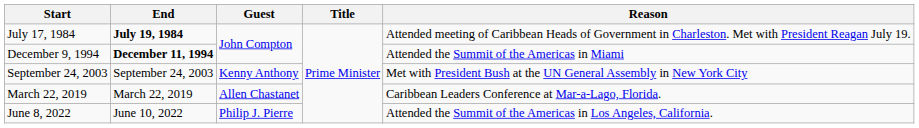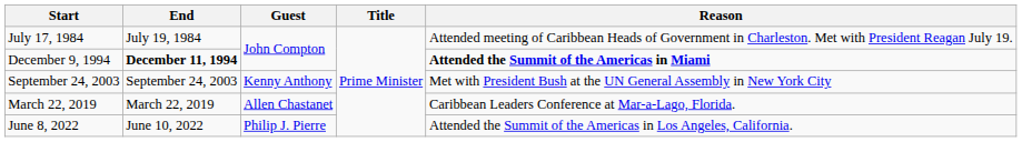 <table class="wikitable sortable">
 <tr>
 <th>Start</th>
 <th>End</th>
 <th>Guest</th>
 <th>Title</th>
 <th>Reason</th>
 </tr>
 <tr>
 <td>July 17, 1984</td>
-<td><strong>July 19, 1984</strong></td>
+<td>July 19, 1984</td>
 <td rowspan=2><a href='#'>John Compton</a></td>
 <td rowspan=5><a href='#'>Prime Minister</a></td>
 <td>Attended meeting of Caribbean Heads of Government in <a href='#'>Charleston</a>. Met with <a href='#'>President Reagan</a> July 19.</td>
 </tr>
 <tr>
 <td>December 9, 1994</td>
 <td><strong>December 11, 1994</strong></td>
-<td>Attended the <a href='#'>Summit of the Americas</a> in <a href='#'>Miami</a></td>
+<td><strong>Attended the <a href='#'>Summit of the Americas</a> in <a href='#'>Miami</a></strong></td>
 </tr>
 <tr>
 <td>September 24, 2003</td>
 <td>September 24, 2003</td>
 <td><a href='#'>Kenny Anthony</a></td>
 <td>Met with <a href='#'>President Bush</a> at the <a href='#'>UN General Assembly</a> in <a href='#'>New York City</a></td>
 </tr>
 <tr>
 <td>March 22, 2019</td>
 <td>March 22, 2019</td>
 <td><a href='#'>Allen Chastanet</a></td>
 <td>Caribbean Leaders Conference at <a href='#'>Mar-a-Lago, Florida</a>.</td>
 </tr>
 <tr>
 <td>June 8, 2022</td>
 <td>June 10, 2022</td>
 <td><a href='#'>Philip J. Pierre</a></td>
 <td>Attended the <a href='#'>Summit of the Americas</a> in <a href='#'>Los Angeles, California</a>.</td>
 </tr>
 </table>
